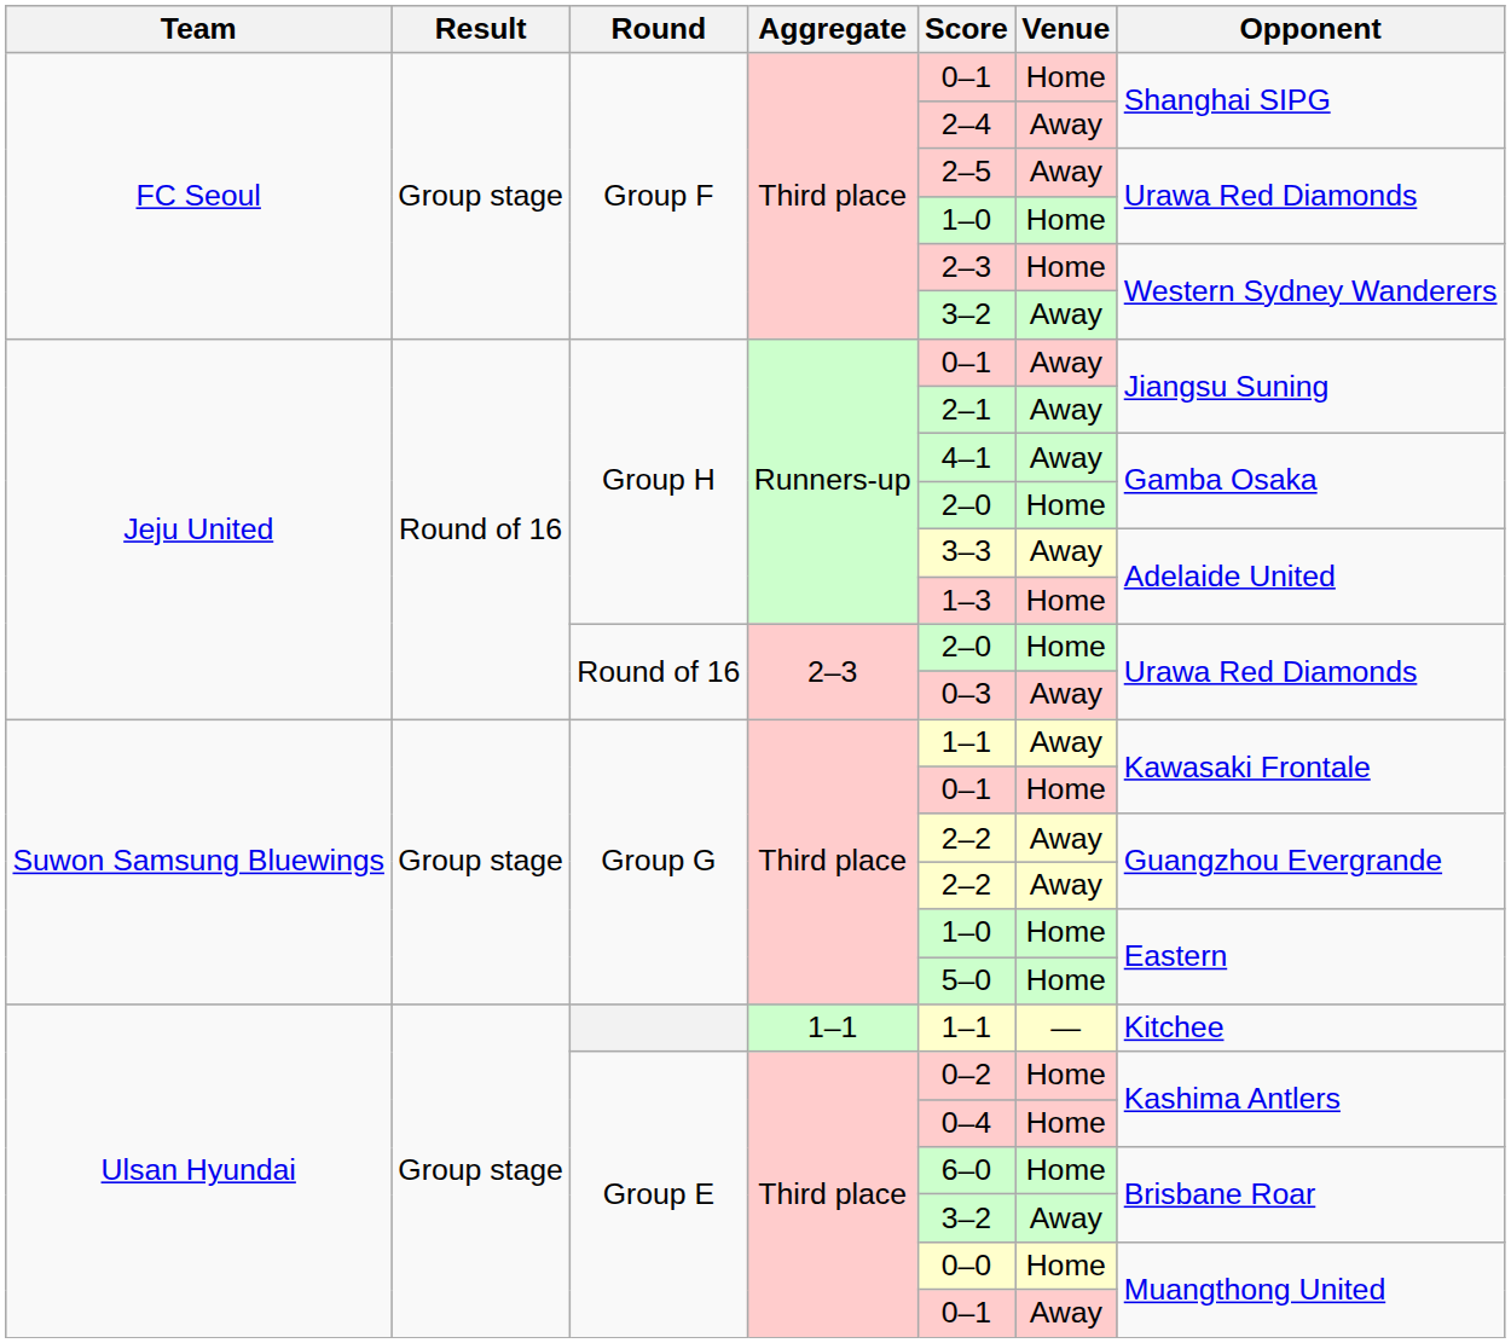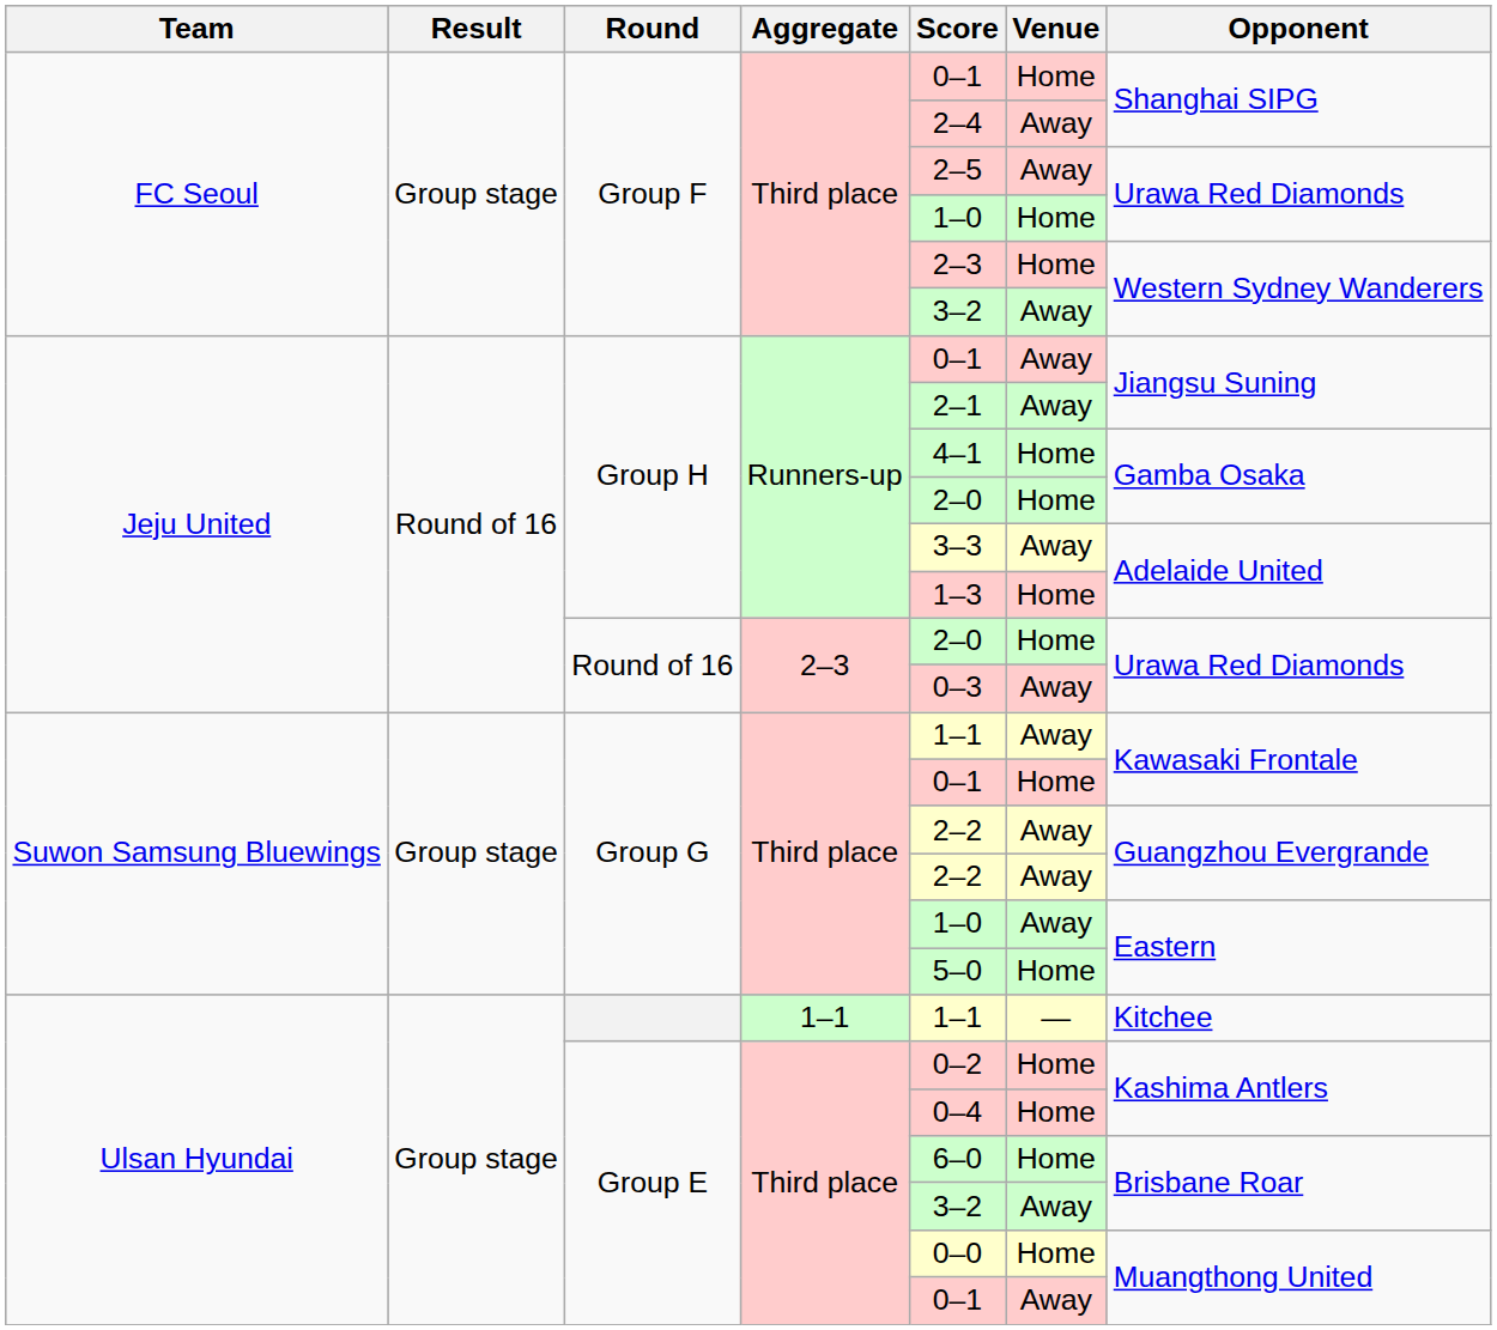 <table class="wikitable" style="text-align:center;">
 <tr>
 <th>Team</th>
 <th>Result</th>
 <th>Round</th>
 <th>Aggregate</th>
 <th>Score</th>
 <th>Venue</th>
 <th>Opponent</th>
 </tr>
 <tr>
 <td rowspan="6"><a href='#'>FC Seoul</a></td>
 <td rowspan="6">Group stage</td>
 <td rowspan="6">Group F</td>
 <td rowspan="6" bgcolor="#fcc">Third place</td>
 <td bgcolor="#fcc">0–1</td>
 <td bgcolor="#fcc">Home</td>
 <td rowspan="2" align="left"> <a href='#'>Shanghai SIPG</a></td>
 </tr>
 <tr>
 <td bgcolor="#fcc">2–4</td>
 <td bgcolor="#fcc">Away</td>
 </tr>
 <tr>
 <td bgcolor="#fcc">2–5</td>
 <td bgcolor="#fcc">Away</td>
 <td rowspan="2" align="left"> <a href='#'>Urawa Red Diamonds</a></td>
 </tr>
 <tr>
 <td bgcolor="#cfc">1–0</td>
 <td bgcolor="#cfc">Home</td>
 </tr>
 <tr>
 <td bgcolor="#fcc">2–3</td>
 <td bgcolor="#fcc">Home</td>
 <td rowspan="2" align="left"> <a href='#'>Western Sydney Wanderers</a></td>
 </tr>
 <tr>
 <td bgcolor="#cfc">3–2</td>
 <td bgcolor="#cfc">Away</td>
 </tr>
 <tr>
 <td rowspan="8"><a href='#'>Jeju United</a></td>
 <td rowspan="8">Round of 16</td>
 <td rowspan="6">Group H</td>
 <td rowspan="6" bgcolor="#cfc">Runners-up</td>
 <td bgcolor="#fcc">0–1</td>
 <td bgcolor="#fcc">Away</td>
 <td rowspan="2" align="left"> <a href='#'>Jiangsu Suning</a></td>
 </tr>
 <tr>
 <td bgcolor="#cfc">2–1</td>
 <td bgcolor="#cfc">Away</td>
 </tr>
 <tr>
 <td bgcolor="#cfc">4–1</td>
-<td bgcolor="#cfc">Away</td>
+<td bgcolor="#cfc">Home</td>
 <td rowspan="2" align="left"> <a href='#'>Gamba Osaka</a></td>
 </tr>
 <tr>
 <td bgcolor="#cfc">2–0</td>
 <td bgcolor="#cfc">Home</td>
 </tr>
 <tr>
 <td bgcolor="#ffc">3–3</td>
 <td bgcolor="#ffc">Away</td>
 <td rowspan="2" align="left"> <a href='#'>Adelaide United</a></td>
 </tr>
 <tr>
 <td bgcolor="#fcc">1–3</td>
 <td bgcolor="#fcc">Home</td>
 </tr>
 <tr>
 <td rowspan="2">Round of 16</td>
 <td rowspan="2" bgcolor="#fcc">2–3</td>
 <td bgcolor="#cfc">2–0</td>
 <td bgcolor="#cfc">Home</td>
 <td rowspan="2" align="left"> <a href='#'>Urawa Red Diamonds</a></td>
 </tr>
 <tr>
 <td bgcolor="#fcc">0–3 </td>
 <td bgcolor="#fcc">Away</td>
 </tr>
 <tr>
 <td rowspan="6"><a href='#'>Suwon Samsung Bluewings</a></td>
 <td rowspan="6">Group stage</td>
 <td rowspan="6">Group G</td>
 <td rowspan="6" bgcolor="#fcc">Third place</td>
 <td bgcolor="#ffc">1–1</td>
 <td bgcolor="#ffc">Away</td>
 <td rowspan="2" align="left"> <a href='#'>Kawasaki Frontale</a></td>
 </tr>
 <tr>
 <td bgcolor="#fcc">0–1</td>
 <td bgcolor="#fcc">Home</td>
 </tr>
 <tr>
 <td bgcolor="#ffc">2–2</td>
 <td bgcolor="#ffc">Away</td>
 <td rowspan="2" align="left"> <a href='#'>Guangzhou Evergrande</a></td>
 </tr>
 <tr>
 <td bgcolor="#ffc">2–2</td>
 <td bgcolor="#ffc">Away</td>
 </tr>
 <tr>
 <td bgcolor="#cfc">1–0</td>
-<td bgcolor="#cfc">Home</td>
+<td bgcolor="#cfc">Away</td>
 <td rowspan="2" align="left"> <a href='#'>Eastern</a></td>
 </tr>
 <tr>
 <td bgcolor="#cfc">5–0</td>
 <td bgcolor="#cfc">Home</td>
 </tr>
 <tr>
 <td rowspan="7"><a href='#'>Ulsan Hyundai</a></td>
 <td rowspan="7">Group stage</td>
 <th></th>
 <td bgcolor="#cfc">1–1 </td>
 <td bgcolor="#ffc">1–1 </td>
 <td bgcolor="#ffc">—</td>
 <td align="left"> <a href='#'>Kitchee</a></td>
 </tr>
 <tr>
 <td rowspan="6">Group E</td>
 <td rowspan="6" bgcolor="#fcc">Third place</td>
 <td bgcolor="#fcc">0–2</td>
 <td bgcolor="#fcc">Home</td>
 <td rowspan="2" align="left"> <a href='#'>Kashima Antlers</a></td>
 </tr>
 <tr>
 <td bgcolor="#fcc">0–4</td>
 <td bgcolor="#fcc">Home</td>
 </tr>
 <tr>
 <td bgcolor="#cfc">6–0</td>
 <td bgcolor="#cfc">Home</td>
 <td rowspan="2" align="left"> <a href='#'>Brisbane Roar</a></td>
 </tr>
 <tr>
 <td bgcolor="#cfc">3–2</td>
 <td bgcolor="#cfc">Away</td>
 </tr>
 <tr>
 <td bgcolor="#ffc">0–0</td>
 <td bgcolor="#ffc">Home</td>
 <td rowspan="2" align="left"> <a href='#'>Muangthong United</a></td>
 </tr>
 <tr>
 <td bgcolor="#fcc">0–1</td>
 <td bgcolor="#fcc">Away</td>
 </tr>
 </table>
